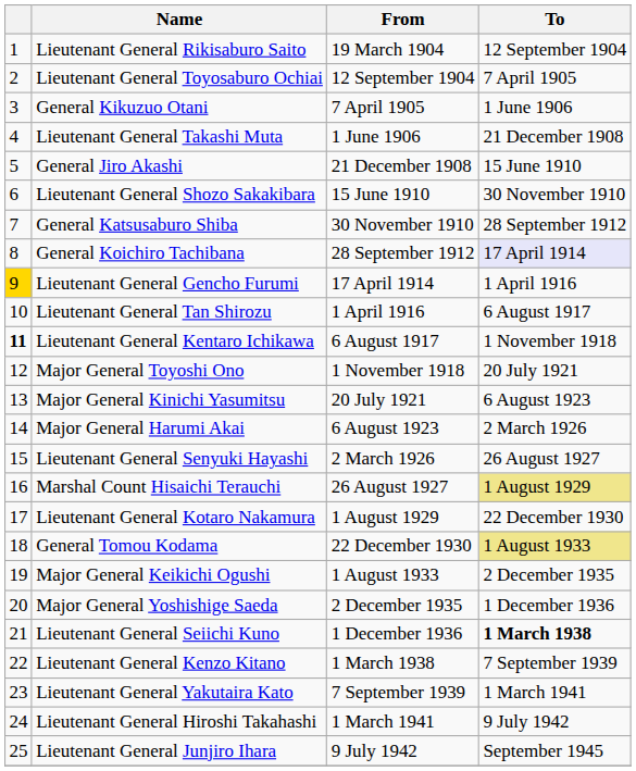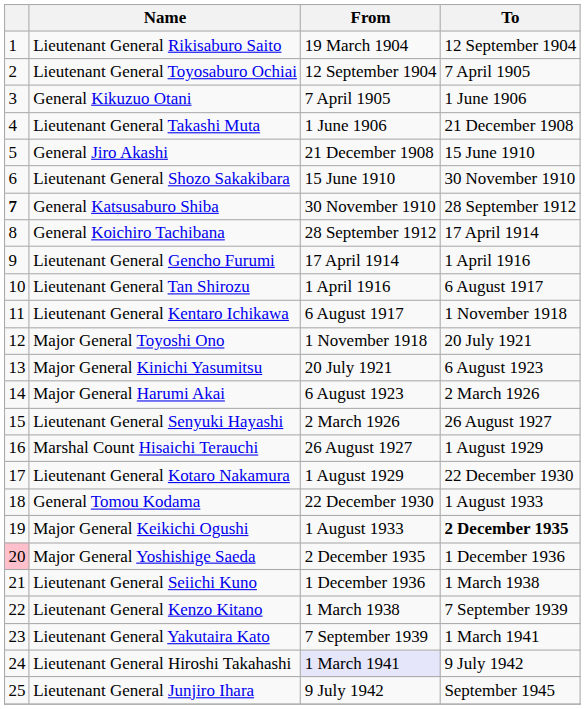 <table class=wikitable>
 <tr>
 <th></th>
 <th>Name</th>
 <th>From</th>
 <th>To</th>
 </tr>
 <tr>
 <td>1</td>
 <td>Lieutenant General <a href='#'>Rikisaburo Saito</a></td>
 <td>19 March 1904</td>
 <td>12 September 1904</td>
 </tr>
 <tr>
 <td>2</td>
 <td>Lieutenant General <a href='#'>Toyosaburo Ochiai</a></td>
 <td>12 September 1904</td>
 <td>7 April 1905</td>
 </tr>
 <tr>
 <td>3</td>
 <td>General <a href='#'>Kikuzuo Otani</a></td>
 <td>7 April 1905</td>
 <td>1 June 1906</td>
 </tr>
 <tr>
 <td>4</td>
 <td>Lieutenant General <a href='#'>Takashi Muta</a></td>
 <td>1 June 1906</td>
 <td>21 December 1908</td>
 </tr>
 <tr>
 <td>5</td>
 <td>General <a href='#'>Jiro Akashi</a></td>
 <td>21 December 1908</td>
 <td>15 June 1910</td>
 </tr>
 <tr>
 <td>6</td>
 <td>Lieutenant General <a href='#'>Shozo Sakakibara</a></td>
 <td>15 June 1910</td>
 <td>30 November 1910</td>
 </tr>
 <tr>
-<td>7</td>
+<td><strong>7</strong></td>
 <td>General <a href='#'>Katsusaburo Shiba</a></td>
 <td>30 November 1910</td>
 <td>28 September 1912</td>
 </tr>
 <tr>
 <td>8</td>
 <td>General <a href='#'>Koichiro Tachibana</a></td>
 <td>28 September 1912</td>
-<td style="background: lavender;">17 April 1914</td>
+<td>17 April 1914</td>
 </tr>
 <tr>
-<td style="background: gold;">9</td>
+<td>9</td>
 <td>Lieutenant General <a href='#'>Gencho Furumi</a></td>
 <td>17 April 1914</td>
 <td>1 April 1916</td>
 </tr>
 <tr>
 <td>10</td>
 <td>Lieutenant General <a href='#'>Tan Shirozu</a></td>
 <td>1 April 1916</td>
 <td>6 August 1917</td>
 </tr>
 <tr>
-<td><strong>11</strong></td>
+<td>11</td>
 <td>Lieutenant General <a href='#'>Kentaro Ichikawa</a></td>
 <td>6 August 1917</td>
 <td>1 November 1918</td>
 </tr>
 <tr>
 <td>12</td>
 <td>Major General <a href='#'>Toyoshi Ono</a></td>
 <td>1 November 1918</td>
 <td>20 July 1921</td>
 </tr>
 <tr>
 <td>13</td>
 <td>Major General <a href='#'>Kinichi Yasumitsu</a></td>
 <td>20 July 1921</td>
 <td>6 August 1923</td>
 </tr>
 <tr>
 <td>14</td>
 <td>Major General <a href='#'>Harumi Akai</a></td>
 <td>6 August 1923</td>
 <td>2 March 1926</td>
 </tr>
 <tr>
 <td>15</td>
 <td>Lieutenant General <a href='#'>Senyuki Hayashi</a></td>
 <td>2 March 1926</td>
 <td>26 August 1927</td>
 </tr>
 <tr>
 <td>16</td>
 <td>Marshal Count <a href='#'>Hisaichi Terauchi</a></td>
 <td>26 August 1927</td>
-<td style="background: khaki;">1 August 1929</td>
+<td>1 August 1929</td>
 </tr>
 <tr>
 <td>17</td>
 <td>Lieutenant General <a href='#'>Kotaro Nakamura</a></td>
 <td>1 August 1929</td>
 <td>22 December 1930</td>
 </tr>
 <tr>
 <td>18</td>
 <td>General <a href='#'>Tomou Kodama</a></td>
 <td>22 December 1930</td>
-<td style="background: khaki;">1 August 1933</td>
+<td>1 August 1933</td>
 </tr>
 <tr>
 <td>19</td>
 <td>Major General <a href='#'>Keikichi Ogushi</a></td>
 <td>1 August 1933</td>
-<td>2 December 1935</td>
+<td><strong>2 December 1935</strong></td>
 </tr>
 <tr>
-<td>20</td>
+<td style="background: pink;">20</td>
 <td>Major General <a href='#'>Yoshishige Saeda</a></td>
 <td>2 December 1935</td>
 <td>1 December 1936</td>
 </tr>
 <tr>
 <td>21</td>
 <td>Lieutenant General <a href='#'>Seiichi Kuno</a></td>
 <td>1 December 1936</td>
-<td><strong>1 March 1938</strong></td>
+<td>1 March 1938</td>
 </tr>
 <tr>
 <td>22</td>
 <td>Lieutenant General <a href='#'>Kenzo Kitano</a></td>
 <td>1 March 1938</td>
 <td>7 September 1939</td>
 </tr>
 <tr>
 <td>23</td>
 <td>Lieutenant General <a href='#'>Yakutaira Kato</a></td>
 <td>7 September 1939</td>
 <td>1 March 1941</td>
 </tr>
 <tr>
 <td>24</td>
 <td>Lieutenant General Hiroshi Takahashi</td>
-<td>1 March 1941</td>
+<td style="background: lavender;">1 March 1941</td>
 <td>9 July 1942</td>
 </tr>
 <tr>
 <td>25</td>
 <td>Lieutenant General <a href='#'>Junjiro Ihara</a></td>
 <td>9 July 1942</td>
 <td>September 1945</td>
 </tr>
 <tr>
 </tr>
 </table>
